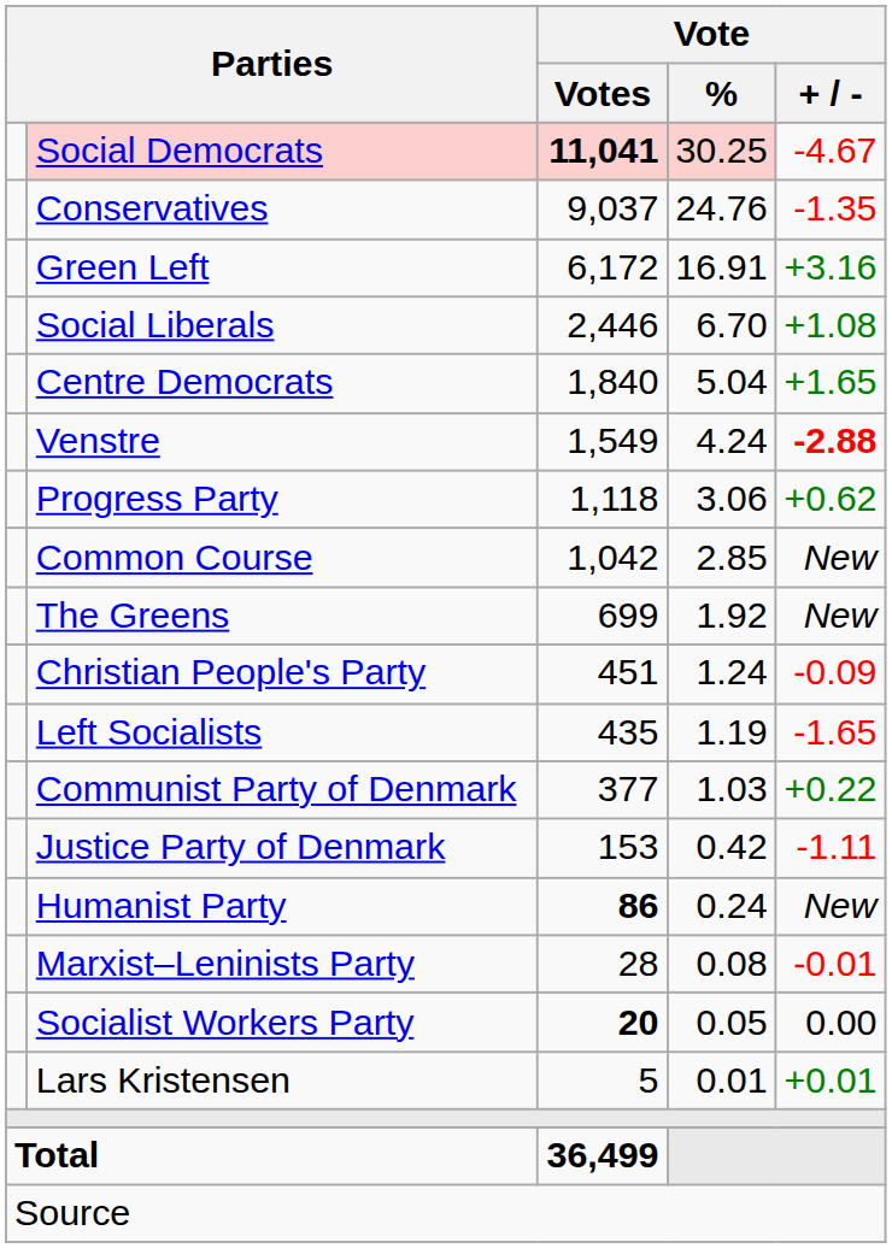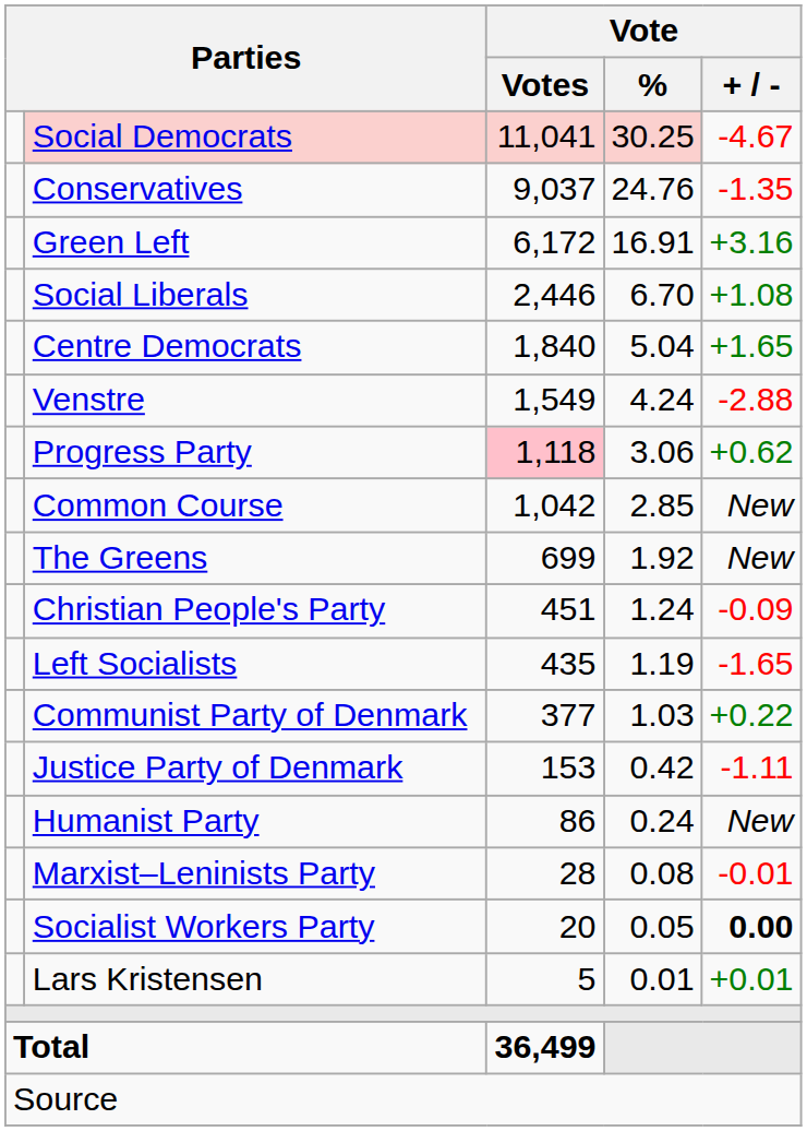 <table class="wikitable" style="text-align:right;">
 <tr>
 <th style="text-align:centre;" rowspan="2" colspan="2" width="225">Parties</th>
 <th colspan="3">Vote</th>
 </tr>
 <tr>
 <th width="15">Votes</th>
 <th width="15">%</th>
 <th width="15">+ / -</th>
 </tr>
 <tr>
 <td width="2" style="color:inherit;background:"></td>
 <td bgcolor=#fbd0ce  align="left"><a href='#'>Social Democrats</a></td>
-<td bgcolor=#fbd0ce><strong>11,041</strong></td>
+<td bgcolor=#fbd0ce>11,041</td>
 <td bgcolor=#fbd0ce>30.25</td>
 <td style=color:red;>-4.67</td>
 </tr>
 <tr>
 <td width="2" style="color:inherit;background:"></td>
 <td align="left"><a href='#'>Conservatives</a></td>
 <td>9,037</td>
 <td>24.76</td>
 <td style=color:red;>-1.35</td>
 </tr>
 <tr>
 <td width="2" style="color:inherit;background:"></td>
 <td align="left"><a href='#'>Green Left</a></td>
 <td>6,172</td>
 <td>16.91</td>
 <td style=color:green;>+3.16</td>
 </tr>
 <tr>
 <td width="2" style="color:inherit;background:"></td>
 <td align="left"><a href='#'>Social Liberals</a></td>
 <td>2,446</td>
 <td>6.70</td>
 <td style=color:green;>+1.08</td>
 </tr>
 <tr>
 <td width="2" style="color:inherit;background:"></td>
 <td align="left"><a href='#'>Centre Democrats</a></td>
 <td>1,840</td>
 <td>5.04</td>
 <td style=color:green;>+1.65</td>
 </tr>
 <tr>
 <td width="2" style="color:inherit;background:"></td>
 <td align="left"><a href='#'>Venstre</a></td>
 <td>1,549</td>
 <td>4.24</td>
-<td style=color:red;><strong>-2.88</strong></td>
+<td style=color:red;>-2.88</td>
 </tr>
 <tr>
 <td width="2" style="color:inherit;background:"></td>
 <td align="left"><a href='#'>Progress Party</a></td>
-<td>1,118</td>
+<td style="background: pink;">1,118</td>
 <td>3.06</td>
 <td style=color:green;>+0.62</td>
 </tr>
 <tr>
 <td width="2" style="color:inherit;background:"></td>
 <td align="left"><a href='#'>Common Course</a></td>
 <td>1,042</td>
 <td>2.85</td>
 <td><em>New</em></td>
 </tr>
 <tr>
 <td width="2" style="color:inherit;background:"></td>
 <td align="left"><a href='#'>The Greens</a></td>
 <td>699</td>
 <td>1.92</td>
 <td><em>New</em></td>
 </tr>
 <tr>
 <td width="2" style="color:inherit;background:"></td>
 <td align="left"><a href='#'>Christian People's Party</a></td>
 <td>451</td>
 <td>1.24</td>
 <td style=color:red;>-0.09</td>
 </tr>
 <tr>
 <td width="2" style="color:inherit;background:"></td>
 <td align="left"><a href='#'>Left Socialists</a></td>
 <td>435</td>
 <td>1.19</td>
 <td style=color:red;>-1.65</td>
 </tr>
 <tr>
 <td width="2" style="color:inherit;background:"></td>
 <td align="left"><a href='#'>Communist Party of Denmark</a></td>
 <td>377</td>
 <td>1.03</td>
 <td style=color:green;>+0.22</td>
 </tr>
 <tr>
 <td width="2" style="color:inherit;background:"></td>
 <td align="left"><a href='#'>Justice Party of Denmark</a></td>
 <td>153</td>
 <td>0.42</td>
 <td style=color:red;>-1.11</td>
 </tr>
 <tr>
 <td width="2" style="color:inherit;background:"></td>
 <td align="left"><a href='#'>Humanist Party</a></td>
-<td><strong>86</strong></td>
+<td>86</td>
 <td>0.24</td>
 <td><em>New</em></td>
 </tr>
 <tr>
 <td width="2" style="color:inherit;background:"></td>
 <td align="left"><a href='#'>Marxist–Leninists Party</a></td>
 <td>28</td>
 <td>0.08</td>
 <td style=color:red;>-0.01</td>
 </tr>
 <tr>
 <td width="2" style="color:inherit;background:"></td>
 <td align="left"><a href='#'>Socialist Workers Party</a></td>
-<td><strong>20</strong></td>
+<td>20</td>
 <td>0.05</td>
-<td>0.00</td>
+<td><strong>0.00</strong></td>
 </tr>
 <tr>
 <td width="2" style="color:inherit;background:"></td>
 <td align="left">Lars Kristensen</td>
 <td>5</td>
 <td>0.01</td>
 <td style=color:green;>+0.01</td>
 </tr>
 <tr>
 <td colspan="7" bgcolor="#E9E9E9"></td>
 </tr>
 <tr>
 <td align="left" colspan="2"><strong>Total</strong></td>
 <td><strong>36,499</strong></td>
 <td bgcolor="#E9E9E9" colspan="2"></td>
 </tr>
 <tr>
 <td align="left" colspan="6">Source</td>
 </tr>
 </table>
